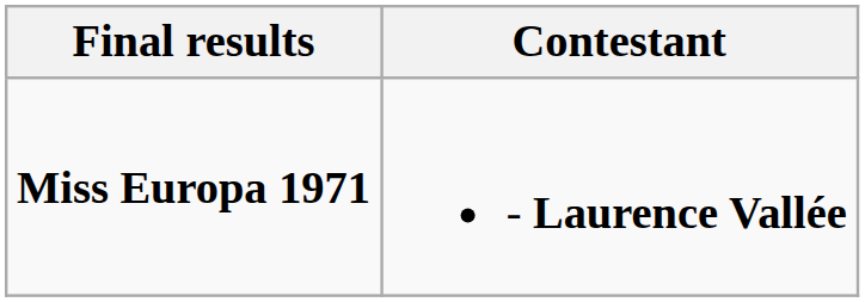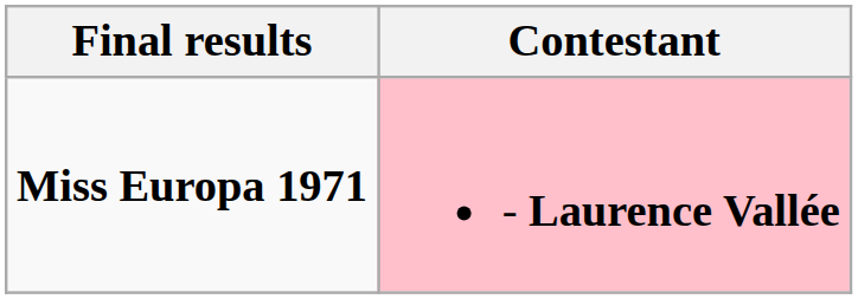 <table class="wikitable">
 <tr>
 <th>Final results</th>
 <th>Contestant</th>
 </tr>
 <tr>
 <td><strong>Miss Europa 1971</strong></td>
-<td><br><ul><li><strong></strong> - <strong>Laurence Vallée</strong></li></ul></td>
+<td style="background: pink;"><br><ul><li><strong></strong> - <strong>Laurence Vallée</strong></li></ul></td>
 </tr>
 </table>
